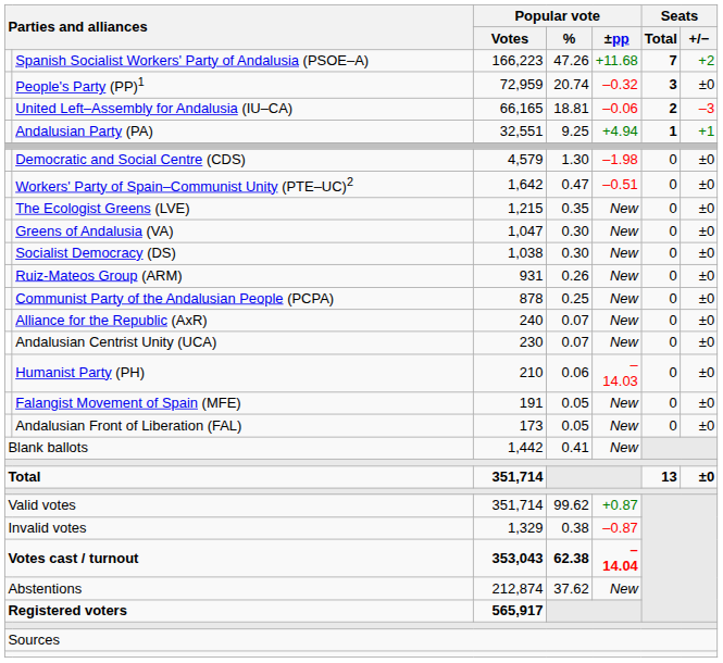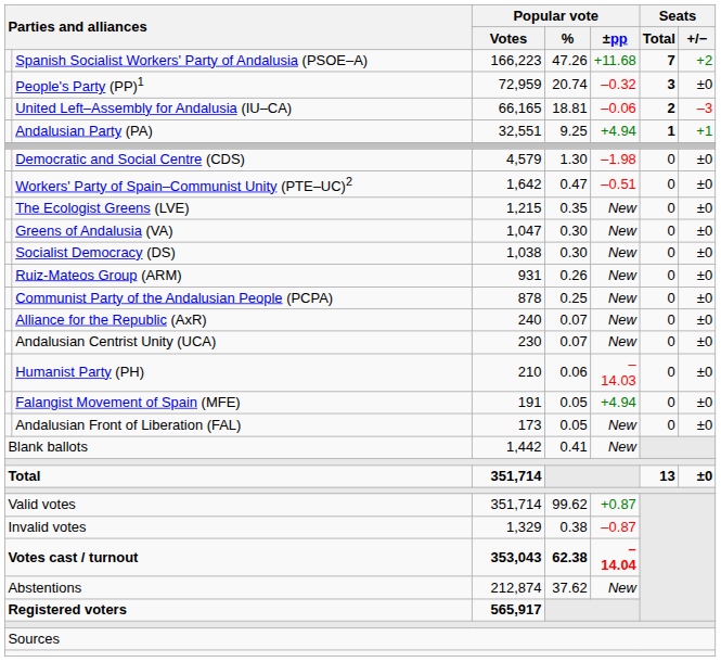 <table class="wikitable" style="text-align:right;">
 <tr>
 <th style="text-align:left;" rowspan="2" colspan="2" width="525">Parties and alliances</th>
 <th colspan="3">Popular vote</th>
 <th colspan="2">Seats</th>
 </tr>
 <tr>
 <th width="75">Votes</th>
 <th width="45">%</th>
 <th width="45">±<a href='#'>pp</a></th>
 <th width="35">Total</th>
 <th width="35">+/−</th>
 </tr>
 <tr>
 <td width="1" style="color:inherit;background:"></td>
 <td align="left"><a href='#'>Spanish Socialist Workers' Party of Andalusia</a> (PSOE–A)</td>
 <td>166,223</td>
 <td>47.26</td>
 <td style="color:green;">+11.68</td>
 <td><strong>7</strong></td>
 <td style="color:green;">+2</td>
 </tr>
 <tr>
 <td style="color:inherit;background:"></td>
 <td align="left"><a href='#'>People's Party</a> (PP)<sup>1</sup></td>
 <td>72,959</td>
 <td>20.74</td>
 <td style="color:red;">–0.32</td>
 <td><strong>3</strong></td>
 <td>±0</td>
 </tr>
 <tr>
 <td style="color:inherit;background:"></td>
 <td align="left"><a href='#'>United Left–Assembly for Andalusia</a> (IU–CA)</td>
 <td>66,165</td>
 <td>18.81</td>
 <td style="color:red;">–0.06</td>
 <td><strong>2</strong></td>
 <td style="color:red;">–3</td>
 </tr>
 <tr>
 <td style="color:inherit;background:"></td>
 <td align="left"><a href='#'>Andalusian Party</a> (PA)</td>
 <td>32,551</td>
 <td>9.25</td>
 <td style="color:green;">+4.94</td>
 <td><strong>1</strong></td>
 <td style="color:green;">+1</td>
 </tr>
 <tr>
 <td colspan="7" bgcolor="#C0C0C0"></td>
 </tr>
 <tr>
 <td style="color:inherit;background:"></td>
 <td align="left"><a href='#'>Democratic and Social Centre</a> (CDS)</td>
 <td>4,579</td>
 <td>1.30</td>
 <td style="color:red;">–1.98</td>
 <td>0</td>
 <td>±0</td>
 </tr>
 <tr>
 <td style="color:inherit;background:"></td>
 <td align="left"><a href='#'>Workers' Party of Spain–Communist Unity</a> (PTE–UC)<sup>2</sup></td>
 <td>1,642</td>
 <td>0.47</td>
 <td style="color:red;">–0.51</td>
 <td>0</td>
 <td>±0</td>
 </tr>
 <tr>
 <td style="color:inherit;background:"></td>
 <td align="left"><a href='#'>The Ecologist Greens</a> (LVE)</td>
 <td>1,215</td>
 <td>0.35</td>
 <td><em>New</em></td>
 <td>0</td>
 <td>±0</td>
 </tr>
 <tr>
 <td style="color:inherit;background:"></td>
 <td align="left"><a href='#'>Greens of Andalusia</a> (VA)</td>
 <td>1,047</td>
 <td>0.30</td>
 <td><em>New</em></td>
 <td>0</td>
 <td>±0</td>
 </tr>
 <tr>
 <td style="color:inherit;background:"></td>
 <td align="left"><a href='#'>Socialist Democracy</a> (DS)</td>
 <td>1,038</td>
 <td>0.30</td>
 <td><em>New</em></td>
 <td>0</td>
 <td>±0</td>
 </tr>
 <tr>
 <td style="color:inherit;background:"></td>
 <td align="left"><a href='#'>Ruiz-Mateos Group</a> (ARM)</td>
 <td>931</td>
 <td>0.26</td>
 <td><em>New</em></td>
 <td>0</td>
 <td>±0</td>
 </tr>
 <tr>
 <td style="color:inherit;background:"></td>
 <td align="left"><a href='#'>Communist Party of the Andalusian People</a> (PCPA)</td>
 <td>878</td>
 <td>0.25</td>
 <td><em>New</em></td>
 <td>0</td>
 <td>±0</td>
 </tr>
 <tr>
 <td style="color:inherit;background:"></td>
 <td align="left"><a href='#'>Alliance for the Republic</a> (AxR)</td>
 <td>240</td>
 <td>0.07</td>
 <td><em>New</em></td>
 <td>0</td>
 <td>±0</td>
 </tr>
 <tr>
 <td bgcolor="white"></td>
 <td align="left">Andalusian Centrist Unity (UCA)</td>
 <td>230</td>
 <td>0.07</td>
 <td><em>New</em></td>
 <td>0</td>
 <td>±0</td>
 </tr>
 <tr>
 <td style="color:inherit;background:"></td>
 <td align="left"><a href='#'>Humanist Party</a> (PH)</td>
 <td>210</td>
 <td>0.06</td>
 <td style="color:red;">–14.03</td>
 <td>0</td>
 <td>±0</td>
 </tr>
 <tr>
 <td style="color:inherit;background:"></td>
 <td align="left"><a href='#'>Falangist Movement of Spain</a> (MFE)</td>
 <td>191</td>
 <td>0.05</td>
-<td><em>New</em></td>
+<td style="color:green;">+4.94</td>
 <td>0</td>
 <td>±0</td>
 </tr>
 <tr>
 <td style="color:inherit;background:"></td>
 <td align="left">Andalusian Front of Liberation (FAL)</td>
 <td>173</td>
 <td>0.05</td>
 <td><em>New</em></td>
 <td>0</td>
 <td>±0</td>
 </tr>
 <tr>
 <td align="left" colspan="2">Blank ballots</td>
 <td>1,442</td>
 <td>0.41</td>
 <td><em>New</em></td>
 <td bgcolor="#E9E9E9" colspan="2"></td>
 </tr>
 <tr>
 <td colspan="7" bgcolor="#E9E9E9"></td>
 </tr>
 <tr style="font-weight:bold;">
 <td align="left" colspan="2">Total</td>
 <td>351,714</td>
 <td bgcolor="#E9E9E9" colspan="2"></td>
 <td>13</td>
 <td>±0</td>
 </tr>
 <tr>
 <td colspan="7" bgcolor="#E9E9E9"></td>
 </tr>
 <tr>
 <td align="left" colspan="2">Valid votes</td>
 <td>351,714</td>
 <td>99.62</td>
 <td style="color:green;">+0.87</td>
 <td bgcolor="#E9E9E9" colspan="2" rowspan="5"></td>
 </tr>
 <tr>
 <td align="left" colspan="2">Invalid votes</td>
 <td>1,329</td>
 <td>0.38</td>
 <td style="color:red;">–0.87</td>
 </tr>
 <tr style="font-weight:bold;">
 <td align="left" colspan="2">Votes cast / turnout</td>
 <td>353,043</td>
 <td>62.38</td>
 <td style="color:red;">–14.04</td>
 </tr>
 <tr>
 <td align="left" colspan="2">Abstentions</td>
 <td>212,874</td>
 <td>37.62</td>
 <td><em>New</em></td>
 </tr>
 <tr style="font-weight:bold;">
 <td align="left" colspan="2">Registered voters</td>
 <td>565,917</td>
 <td bgcolor="#E9E9E9" colspan="2"></td>
 </tr>
 <tr>
 <td colspan="7" bgcolor="#E9E9E9"></td>
 </tr>
 <tr>
 <td align="left" colspan="7">Sources</td>
 </tr>
 <tr>
 <td colspan="7" style="text-align:left; max-width:790px;"></td>
 </tr>
 </table>
